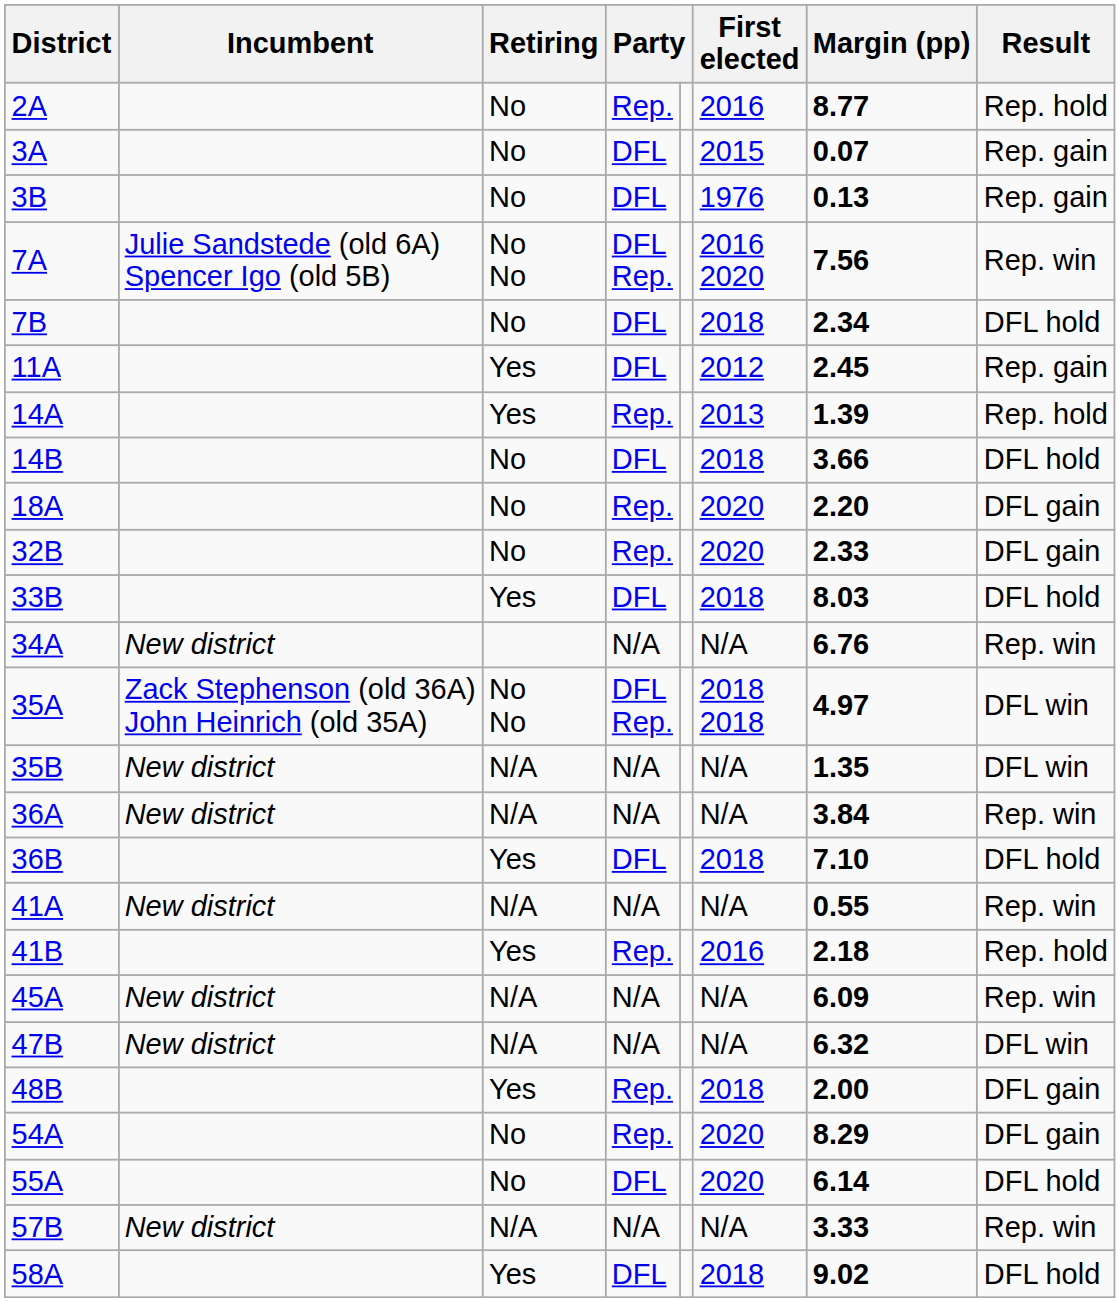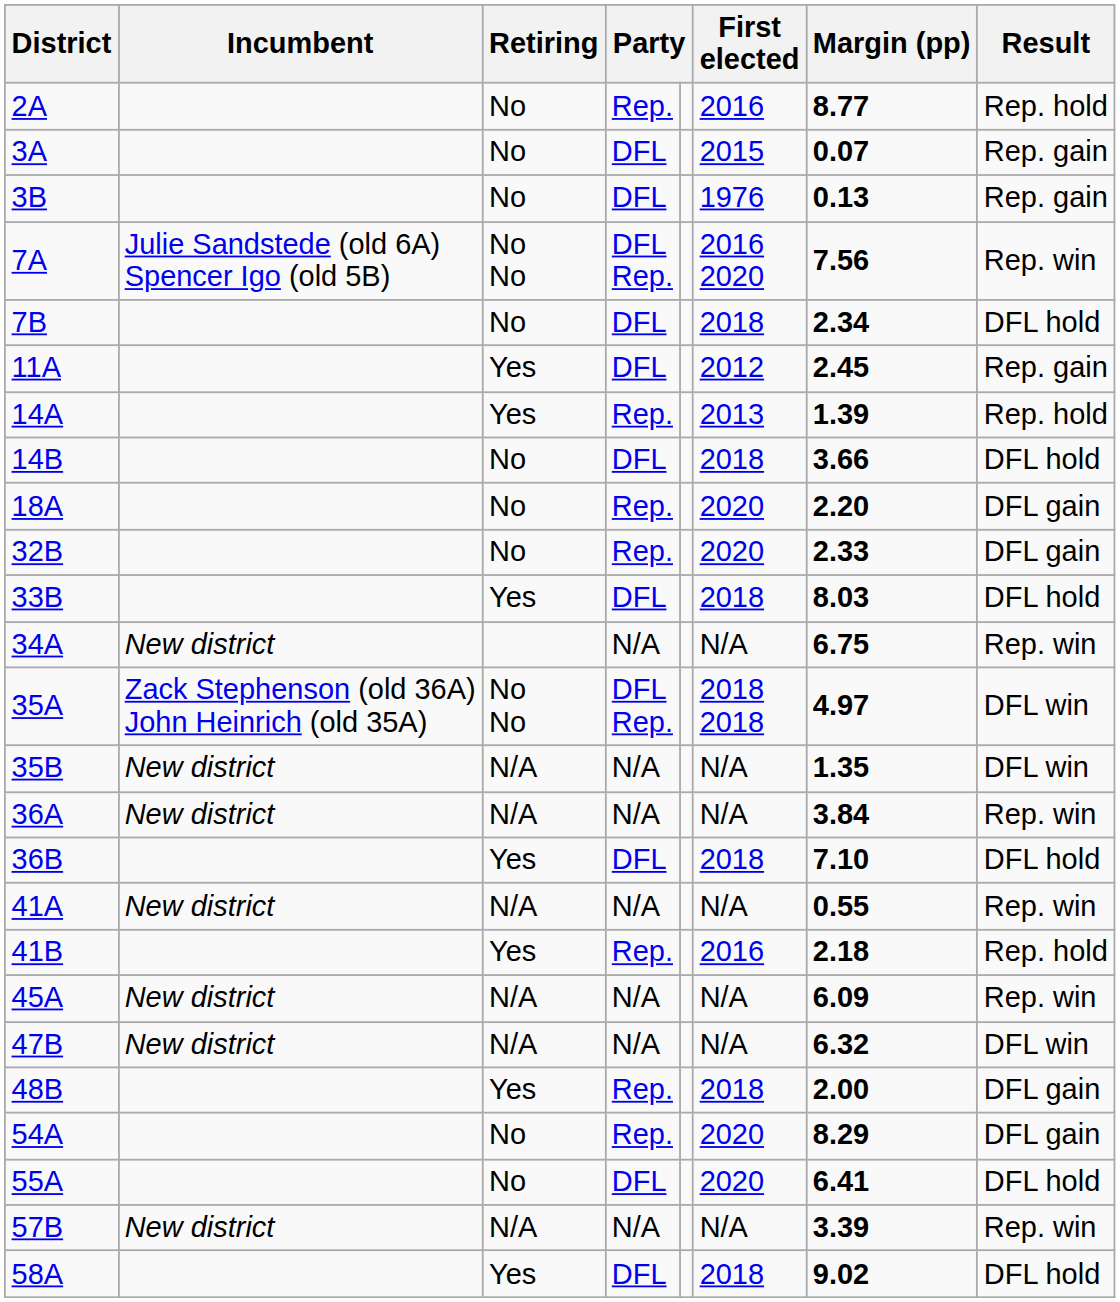 <table class="wikitable sortable mw-collapsible">
 <tr>
 <th>District</th>
 <th>Incumbent</th>
 <th>Retiring</th>
 <th colspan="2">Party</th>
 <th>First<br>elected</th>
 <th>Margin (pp)</th>
 <th>Result</th>
 </tr>
 <tr>
 <td><a href='#'>2A</a></td>
 <td></td>
 <td>No</td>
 <td><a href='#'>Rep.</a></td>
 <td style="background-color:"></td>
 <td><a href='#'>2016</a></td>
 <td><strong><span>8.77</span></strong></td>
 <td>Rep. hold</td>
 </tr>
 <tr>
 <td><a href='#'>3A</a></td>
 <td></td>
 <td>No</td>
 <td><a href='#'>DFL</a></td>
 <td style="background-color:"></td>
 <td><a href='#'>2015</a></td>
 <td><strong><span>0.07</span></strong></td>
 <td>Rep. gain</td>
 </tr>
 <tr>
 <td><a href='#'>3B</a></td>
 <td></td>
 <td>No</td>
 <td><a href='#'>DFL</a></td>
 <td style="background-color:"></td>
 <td><a href='#'>1976</a></td>
 <td><strong><span>0.13</span></strong></td>
 <td>Rep. gain</td>
 </tr>
 <tr>
 <td><a href='#'>7A</a></td>
 <td><a href='#'>Julie Sandstede</a> (old 6A)<br><a href='#'>Spencer Igo</a> (old 5B)</td>
 <td>No<br>No</td>
 <td><a href='#'>DFL</a><br><a href='#'>Rep.</a></td>
 <td style="background-color:"></td>
 <td><a href='#'>2016</a><br><a href='#'>2020</a></td>
 <td><strong><span>7.56</span></strong></td>
 <td>Rep. win</td>
 </tr>
 <tr>
 <td><a href='#'>7B</a></td>
 <td></td>
 <td>No</td>
 <td><a href='#'>DFL</a></td>
 <td style="background-color:"></td>
 <td><a href='#'>2018</a></td>
 <td><strong><span>2.34</span></strong></td>
 <td>DFL hold</td>
 </tr>
 <tr>
 <td><a href='#'>11A</a></td>
 <td></td>
 <td>Yes</td>
 <td><a href='#'>DFL</a></td>
 <td style="background-color:"></td>
 <td><a href='#'>2012</a></td>
 <td><strong><span>2.45</span></strong></td>
 <td>Rep. gain</td>
 </tr>
 <tr>
 <td><a href='#'>14A</a></td>
 <td></td>
 <td>Yes</td>
 <td><a href='#'>Rep.</a></td>
 <td style="background-color:"></td>
 <td><a href='#'>2013</a></td>
 <td><strong><span>1.39</span></strong></td>
 <td>Rep. hold</td>
 </tr>
 <tr>
 <td><a href='#'>14B</a></td>
 <td></td>
 <td>No</td>
 <td><a href='#'>DFL</a></td>
 <td style="background-color:"></td>
 <td><a href='#'>2018</a></td>
 <td><strong><span>3.66</span></strong></td>
 <td>DFL hold</td>
 </tr>
 <tr>
 <td><a href='#'>18A</a></td>
 <td></td>
 <td>No</td>
 <td><a href='#'>Rep.</a></td>
 <td style="background-color:"></td>
 <td><a href='#'>2020</a></td>
 <td><strong><span>2.20</span></strong></td>
 <td>DFL gain</td>
 </tr>
 <tr>
 <td><a href='#'>32B</a></td>
 <td></td>
 <td>No</td>
 <td><a href='#'>Rep.</a></td>
 <td style="background-color:"></td>
 <td><a href='#'>2020</a></td>
 <td><strong><span>2.33</span></strong></td>
 <td>DFL gain</td>
 </tr>
 <tr>
 <td><a href='#'>33B</a></td>
 <td></td>
 <td>Yes</td>
 <td><a href='#'>DFL</a></td>
 <td style="background-color:"></td>
 <td><a href='#'>2018</a></td>
 <td><strong><span>8.03</span></strong></td>
 <td>DFL hold</td>
 </tr>
 <tr>
 <td><a href='#'>34A</a></td>
 <td><em>New district</em></td>
 <td></td>
 <td>N/A</td>
 <td style="background-color:"></td>
 <td>N/A</td>
-<td><strong><span>6.76</span></strong></td>
+<td><strong><span>6.75</span></strong></td>
 <td>Rep. win</td>
 </tr>
 <tr>
 <td><a href='#'>35A</a></td>
 <td><a href='#'>Zack Stephenson</a> (old 36A)<br><a href='#'>John Heinrich</a> (old 35A)</td>
 <td>No<br>No</td>
 <td><a href='#'>DFL</a><br><a href='#'>Rep.</a></td>
 <td style="background-color:"></td>
 <td><a href='#'>2018</a><br><a href='#'>2018</a></td>
 <td><strong><span>4.97</span></strong></td>
 <td>DFL win</td>
 </tr>
 <tr>
 <td><a href='#'>35B</a></td>
 <td><em>New district</em></td>
 <td>N/A</td>
 <td>N/A</td>
 <td style="background-color:"></td>
 <td>N/A</td>
 <td><strong><span>1.35</span></strong></td>
 <td>DFL win</td>
 </tr>
 <tr>
 <td><a href='#'>36A</a></td>
 <td><em>New district</em></td>
 <td>N/A</td>
 <td>N/A</td>
 <td style="background-color:"></td>
 <td>N/A</td>
 <td><strong><span>3.84</span></strong></td>
 <td>Rep. win</td>
 </tr>
 <tr>
 <td><a href='#'>36B</a></td>
 <td></td>
 <td>Yes</td>
 <td><a href='#'>DFL</a></td>
 <td style="background-color:"></td>
 <td><a href='#'>2018</a></td>
 <td><strong><span>7.10</span></strong></td>
 <td>DFL hold</td>
 </tr>
 <tr>
 <td><a href='#'>41A</a></td>
 <td><em>New district</em></td>
 <td>N/A</td>
 <td>N/A</td>
 <td style="background-color:"></td>
 <td>N/A</td>
 <td><strong><span>0.55</span></strong></td>
 <td>Rep. win</td>
 </tr>
 <tr>
 <td><a href='#'>41B</a></td>
 <td></td>
 <td>Yes</td>
 <td><a href='#'>Rep.</a></td>
 <td style="background-color:"></td>
 <td><a href='#'>2016</a></td>
 <td><strong><span>2.18</span></strong></td>
 <td>Rep. hold</td>
 </tr>
 <tr>
 <td><a href='#'>45A</a></td>
 <td><em>New district</em></td>
 <td>N/A</td>
 <td>N/A</td>
 <td style="background-color:"></td>
 <td>N/A</td>
 <td><strong><span>6.09</span></strong></td>
 <td>Rep. win</td>
 </tr>
 <tr>
 <td><a href='#'>47B</a></td>
 <td><em>New district</em></td>
 <td>N/A</td>
 <td>N/A</td>
 <td style="background-color:"></td>
 <td>N/A</td>
 <td><strong><span>6.32</span></strong></td>
 <td>DFL win</td>
 </tr>
 <tr>
 <td><a href='#'>48B</a></td>
 <td></td>
 <td>Yes</td>
 <td><a href='#'>Rep.</a></td>
 <td style="background-color:"></td>
 <td><a href='#'>2018</a></td>
 <td><strong><span>2.00</span></strong></td>
 <td>DFL gain</td>
 </tr>
 <tr>
 <td><a href='#'>54A</a></td>
 <td></td>
 <td>No</td>
 <td><a href='#'>Rep.</a></td>
 <td style="background-color:"></td>
 <td><a href='#'>2020</a></td>
 <td><strong><span>8.29</span></strong></td>
 <td>DFL gain</td>
 </tr>
 <tr>
 <td><a href='#'>55A</a></td>
 <td></td>
 <td>No</td>
 <td><a href='#'>DFL</a></td>
 <td style="background-color:"></td>
 <td><a href='#'>2020</a></td>
-<td><strong><span>6.14</span></strong></td>
+<td><strong><span>6.41</span></strong></td>
 <td>DFL hold</td>
 </tr>
 <tr>
 <td><a href='#'>57B</a></td>
 <td><em>New district</em></td>
 <td>N/A</td>
 <td>N/A</td>
 <td style="background-color:"></td>
 <td>N/A</td>
-<td><strong><span>3.33</span></strong></td>
+<td><strong><span>3.39</span></strong></td>
 <td>Rep. win</td>
 </tr>
 <tr>
 <td><a href='#'>58A</a></td>
 <td></td>
 <td>Yes</td>
 <td><a href='#'>DFL</a></td>
 <td style="background-color:"></td>
 <td><a href='#'>2018</a></td>
 <td><strong><span>9.02</span></strong></td>
 <td>DFL hold</td>
 </tr>
 </table>
